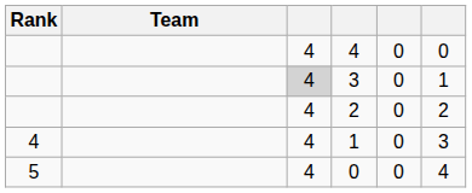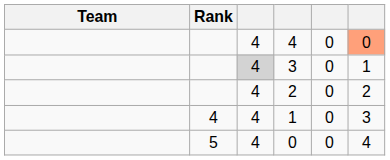 <table class="wikitable" style="text-align: center;">
 <tr>
+<th width=180>Team</th>
 <th width=40>Rank</th>
-<th width=180>Team</th>
 <th width=30></th>
 <th width=30></th>
 <th width=30></th>
 <th width=30></th>
 </tr>
 <tr>
+<td align=left></td>
 <td></td>
-<td align=left></td>
 <td>4</td>
 <td>4</td>
 <td>0</td>
-<td>0</td>
+<td style="background: lightsalmon;">0</td>
 </tr>
 <tr>
+<td align=left></td>
 <td></td>
-<td align=left></td>
 <td style="background: lightgrey;">4</td>
 <td>3</td>
 <td>0</td>
 <td>1</td>
 </tr>
 <tr>
+<td align=left></td>
 <td></td>
-<td align=left></td>
 <td>4</td>
 <td>2</td>
 <td>0</td>
 <td>2</td>
 </tr>
 <tr>
+<td align=left></td>
 <td>4</td>
-<td align=left></td>
 <td>4</td>
 <td>1</td>
 <td>0</td>
 <td>3</td>
 </tr>
 <tr>
+<td align=left></td>
 <td>5</td>
-<td align=left></td>
 <td>4</td>
 <td>0</td>
 <td>0</td>
 <td>4</td>
 </tr>
 </table>
